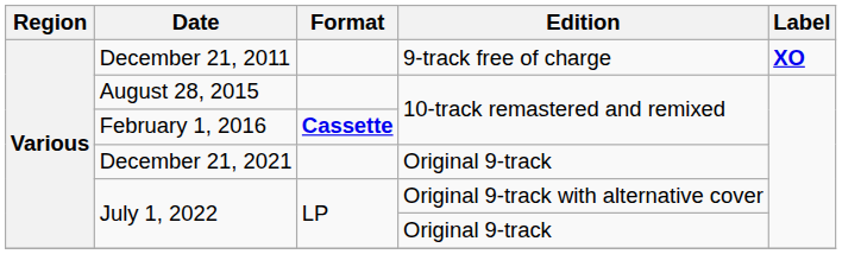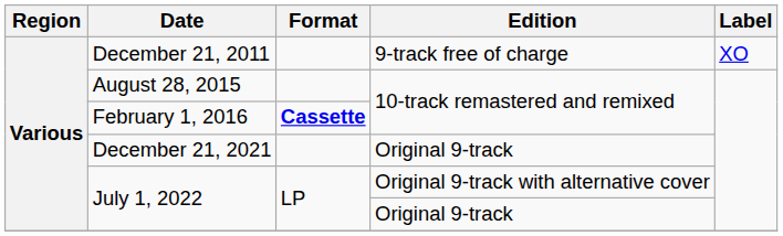 <table class="wikitable plainrowheaders">
 <tr>
 <th scope="col">Region</th>
 <th scope="col">Date</th>
 <th scope="col">Format</th>
 <th scope="col">Edition</th>
 <th scope="col">Label</th>
 </tr>
 <tr>
 <th scope="row" rowspan="6">Various</th>
 <td rowspan="1">December 21, 2011</td>
 <td rowspan="1"></td>
 <td>9-track free of charge</td>
-<td rowspan="1"><strong><a href='#'>XO</a></strong></td>
+<td rowspan="1"><a href='#'>XO</a></td>
 </tr>
 <tr>
 <td rowspan="1">August 28, 2015</td>
 <td rowspan="1"></td>
 <td rowspan="2">10-track remastered and remixed</td>
 <td rowspan="5"></td>
 </tr>
 <tr>
 <td rowspan="1">February 1, 2016</td>
 <td rowspan="1"><strong><a href='#'>Cassette</a></strong></td>
 </tr>
 <tr>
 <td rowspan="1">December 21, 2021</td>
 <td rowspan="1"></td>
 <td>Original 9-track</td>
 </tr>
 <tr>
 <td rowspan="2">July 1, 2022</td>
 <td rowspan="2">LP</td>
 <td>Original 9-track with alternative cover</td>
 </tr>
 <tr>
 <td>Original 9-track</td>
 </tr>
 <tr>
 </tr>
 </table>
